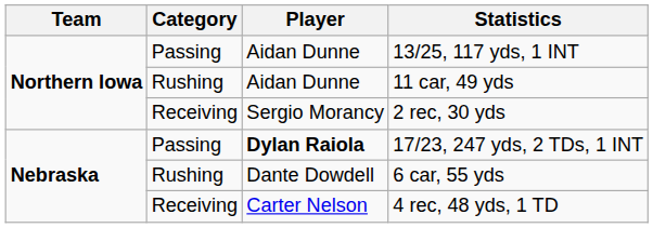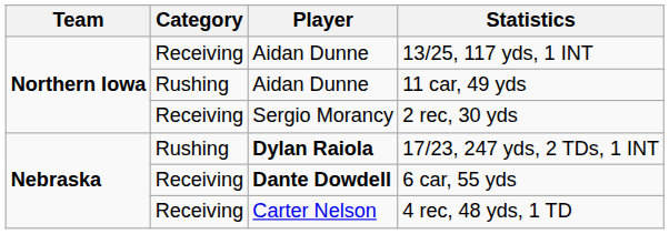 <table class="wikitable" style="float: right;">
 <tr>
 <th>Team</th>
 <th>Category</th>
 <th>Player</th>
 <th>Statistics</th>
 </tr>
 <tr>
 <td rowspan=3><strong>Northern Iowa</strong></td>
-<td>Passing</td>
+<td>Receiving</td>
 <td>Aidan Dunne</td>
 <td>13/25, 117 yds, 1 INT</td>
 </tr>
 <tr>
 <td>Rushing</td>
 <td>Aidan Dunne</td>
 <td>11 car, 49 yds</td>
 </tr>
 <tr>
 <td>Receiving</td>
 <td>Sergio Morancy</td>
 <td>2 rec, 30 yds</td>
 </tr>
 <tr>
 <td rowspan=3><strong>Nebraska</strong></td>
-<td>Passing</td>
+<td>Rushing</td>
 <td><strong>Dylan Raiola</strong></td>
 <td>17/23, 247 yds, 2 TDs, 1 INT</td>
 </tr>
 <tr>
-<td>Rushing</td>
-<td>Dante Dowdell</td>
+<td>Receiving</td>
+<td><strong>Dante Dowdell</strong></td>
 <td>6 car, 55 yds</td>
 </tr>
 <tr>
 <td>Receiving</td>
 <td><a href='#'>Carter Nelson</a></td>
 <td>4 rec, 48 yds, 1 TD</td>
 </tr>
 </table>
